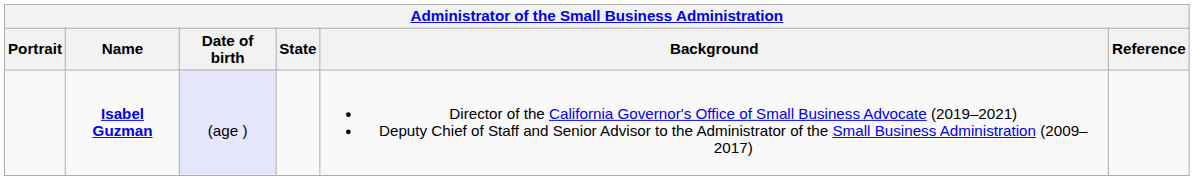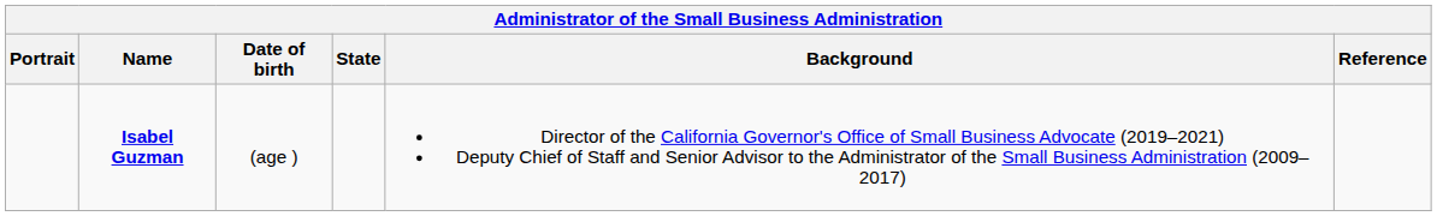 <table class="wikitable collapsible" style="text-align:center;">
 <tr>
 <th colspan="6"><a href='#'>Administrator of the Small Business Administration</a></th>
 </tr>
 <tr>
 <th>Portrait</th>
 <th>Name</th>
 <th>Date of birth</th>
 <th>State</th>
 <th>Background</th>
 <th>Reference</th>
 </tr>
 <tr>
 <td></td>
 <td><strong><a href='#'>Isabel Guzman</a></strong></td>
-<td style="background: lavender;"><br>(age )</td>
+<td><br>(age )</td>
 <td></td>
 <td><br><ul><li>Director of the <a href='#'>California Governor's Office of Small Business Advocate</a> (2019–2021)</li><li>Deputy Chief of Staff and Senior Advisor to the Administrator of the <a href='#'>Small Business Administration</a> (2009–2017)</li></ul></td>
 <td></td>
 </tr>
 </table>
